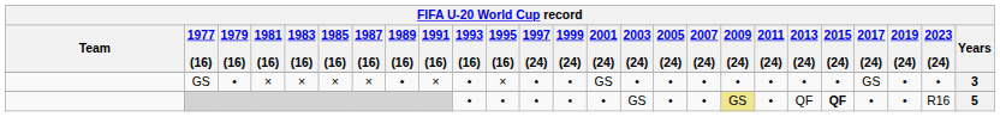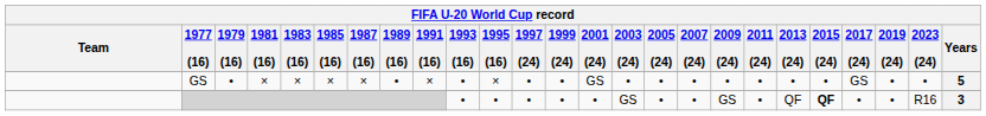 <table class="wikitable" style="text-align:center; font-size:90%">
 <tr style="background:#cccccc;" align=center>
 <th colspan=25><a href='#'>FIFA U-20 World Cup</a> record</th>
 </tr>
 <tr>
 <th width=200>Team</th>
 <th><a href='#'>1977</a><br><br>(16)</th>
 <th><a href='#'>1979</a><br><br>(16)</th>
 <th><a href='#'>1981</a><br><br>(16)</th>
 <th><a href='#'>1983</a><br><br>(16)</th>
 <th><a href='#'>1985</a><br><br>(16)</th>
 <th><a href='#'>1987</a><br><br>(16)</th>
 <th><a href='#'>1989</a><br><br>(16)</th>
 <th><a href='#'>1991</a><br><br>(16)</th>
 <th><a href='#'>1993</a><br><br>(16)</th>
 <th><a href='#'>1995</a><br><br>(16)</th>
 <th><a href='#'>1997</a><br><br>(24)</th>
 <th><a href='#'>1999</a><br><br>(24)</th>
 <th><a href='#'>2001</a><br><br>(24)</th>
 <th><a href='#'>2003</a><br><br>(24)</th>
 <th><a href='#'>2005</a><br><br>(24)</th>
 <th><a href='#'>2007</a><br><br>(24)</th>
 <th><a href='#'>2009</a><br><br>(24)</th>
 <th><a href='#'>2011</a><br><br>(24)</th>
 <th><a href='#'>2013</a><br><br>(24)</th>
 <th><a href='#'>2015</a><br><br>(24)</th>
 <th><a href='#'>2017</a><br><br>(24)</th>
 <th><a href='#'>2019</a><br><br>(24)</th>
 <th><a href='#'>2023</a><br><br>(24)</th>
 <th>Years</th>
 </tr>
 <tr>
 </tr>
 <tr align=center>
 <td align=left></td>
 <td>GS</td>
 <td>•</td>
 <td>×</td>
 <td>×</td>
 <td>×</td>
 <td>×</td>
 <td>•</td>
 <td>×</td>
 <td>•</td>
 <td>×</td>
 <td>•</td>
 <td>•</td>
 <td>GS</td>
 <td>•</td>
 <td>•</td>
 <td>•</td>
 <td>•</td>
 <td>•</td>
 <td>•</td>
 <td>•</td>
 <td>GS</td>
 <td>•</td>
 <td>•</td>
-<th>3</th>
+<th>5</th>
 </tr>
 <tr>
 </tr>
 <tr align=center>
 <td align=left></td>
 <td bgcolor=lightgrey colspan=8></td>
 <td>•</td>
 <td>•</td>
 <td>•</td>
 <td>•</td>
 <td>•</td>
 <td>GS</td>
 <td>•</td>
 <td>•</td>
-<td style="background: khaki;">GS</td>
+<td>GS</td>
 <td>•</td>
 <td>QF</td>
 <td><strong>QF</strong></td>
 <td>•</td>
 <td>•</td>
 <td>R16</td>
-<th>5</th>
+<th>3</th>
 </tr>
 </table>
